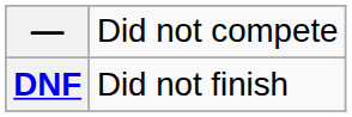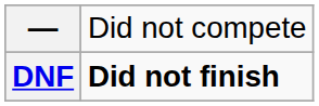 <table class="wikitable">
 <tr>
 <th scope="row">—</th>
 <td>Did not compete</td>
 </tr>
 <tr>
 <th scope="row"><a href='#'>DNF</a></th>
-<td>Did not finish</td>
+<td><strong>Did not finish</strong></td>
 </tr>
 </table>
